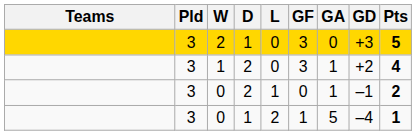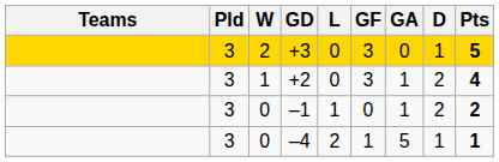 <table class="wikitable" style="text-align: center;">
 <tr>
 <th width=165>Teams</th>
 <th width=20>Pld</th>
 <th width=20>W</th>
-<th width=20>D</th>
+<th width=20>GD</th>
 <th width=20>L</th>
 <th width=20>GF</th>
 <th width=20>GA</th>
-<th width=20>GD</th>
+<th width=20>D</th>
 <th width=20>Pts</th>
 </tr>
 <tr align=center style="background:gold">
 <td style="text-align:left;"></td>
 <td>3</td>
 <td>2</td>
-<td>1</td>
+<td>+3</td>
 <td>0</td>
 <td>3</td>
 <td>0</td>
-<td>+3</td>
+<td>1</td>
 <td><strong>5</strong></td>
 </tr>
 <tr align=center>
 <td style="text-align:left;"></td>
 <td>3</td>
 <td>1</td>
-<td>2</td>
+<td>+2</td>
 <td>0</td>
 <td>3</td>
 <td>1</td>
-<td>+2</td>
+<td>2</td>
 <td><strong>4</strong></td>
 </tr>
 <tr align=center>
 <td style="text-align:left;"></td>
 <td>3</td>
 <td>0</td>
-<td>2</td>
+<td>–1</td>
 <td>1</td>
 <td>0</td>
 <td>1</td>
-<td>–1</td>
+<td>2</td>
 <td><strong>2</strong></td>
 </tr>
 <tr align=center>
 <td style="text-align:left;"></td>
 <td>3</td>
 <td>0</td>
-<td>1</td>
+<td>–4</td>
 <td>2</td>
 <td>1</td>
 <td>5</td>
-<td>–4</td>
+<td>1</td>
 <td><strong>1</strong></td>
 </tr>
 </table>
